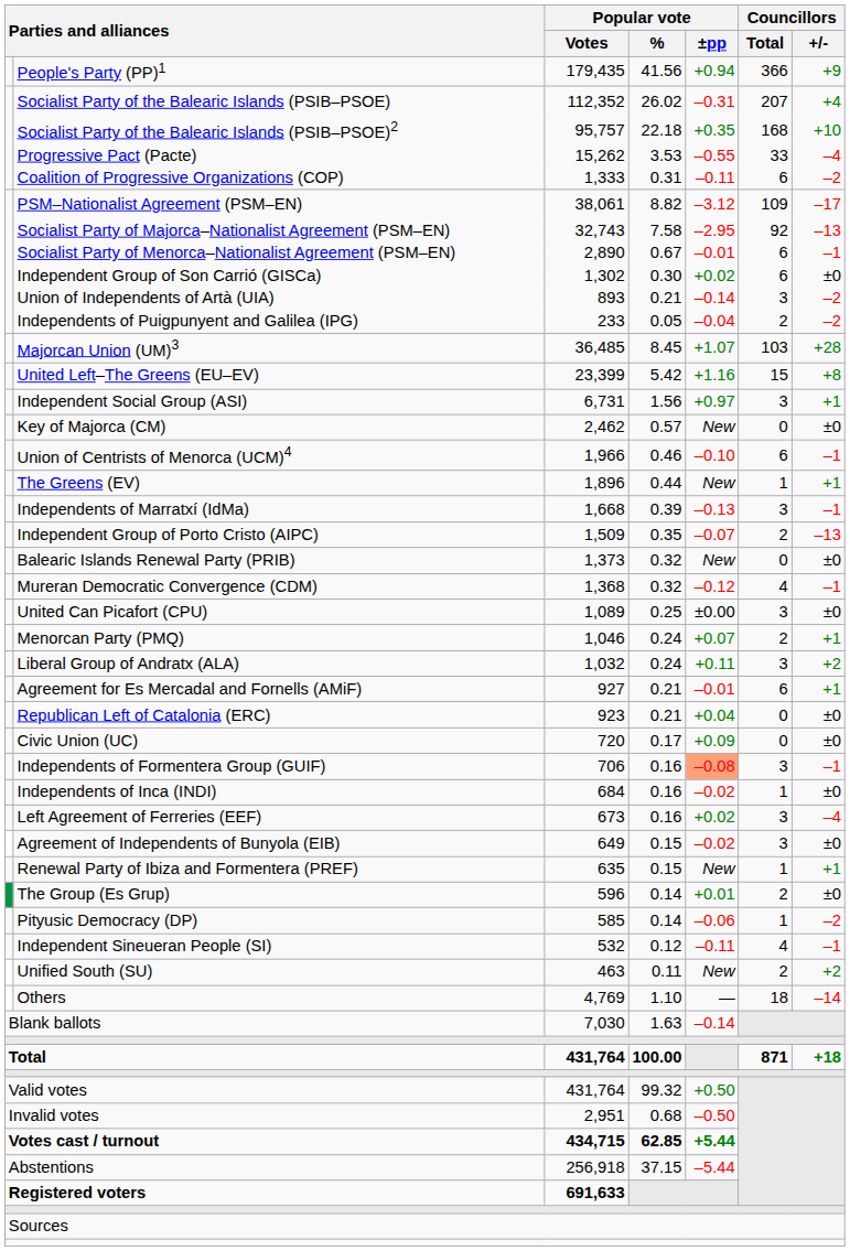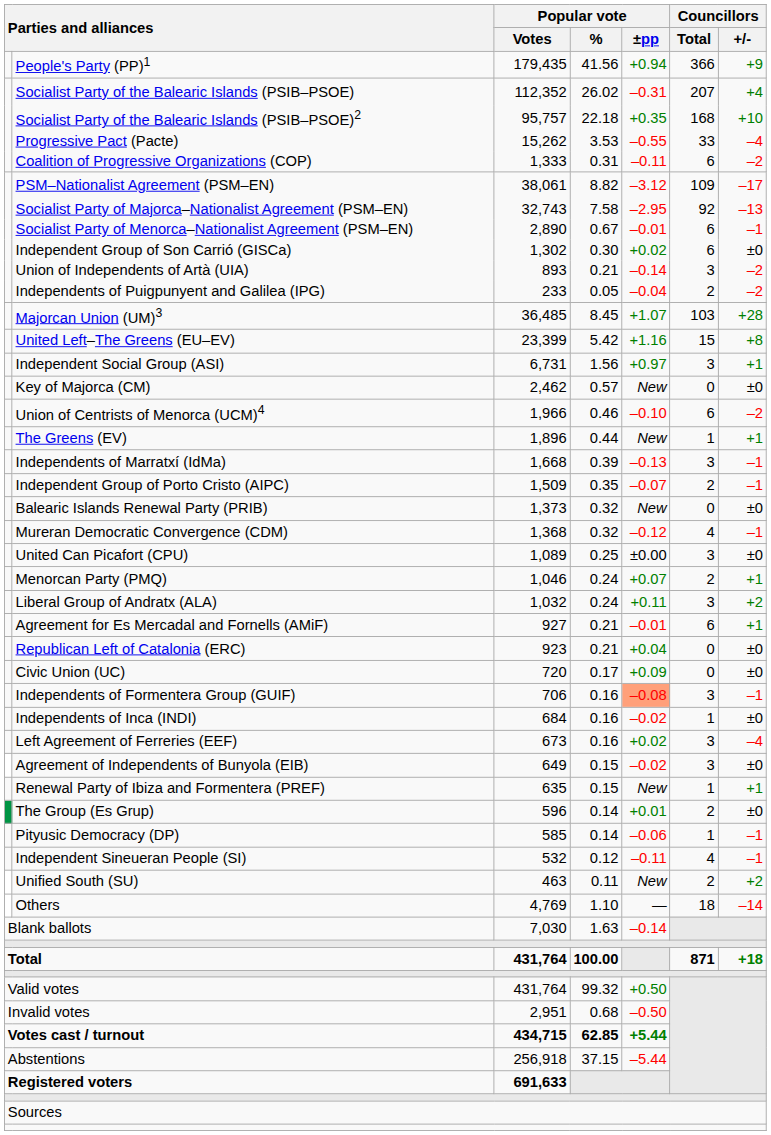 <table class="wikitable" style="text-align:right;">
 <tr>
 <th style="text-align:left;" rowspan="2" colspan="2" width="525">Parties and alliances</th>
 <th colspan="3">Popular vote</th>
 <th colspan="2">Councillors</th>
 </tr>
 <tr>
 <th width="75">Votes</th>
 <th width="45">%</th>
 <th width="45">±<a href='#'>pp</a></th>
 <th width="45">Total</th>
 <th width="45">+/-</th>
 </tr>
 <tr>
 <td width="1" style="color:inherit;background:"></td>
 <td align="left"><a href='#'>People's Party</a> (PP)<sup>1</sup></td>
 <td>179,435</td>
 <td>41.56</td>
 <td style="color:green;">+0.94</td>
 <td>366</td>
 <td style="color:green;">+9</td>
 </tr>
 <tr style="line-height:22px;">
 <td rowspan="4" style="color:inherit;background:"></td>
 <td align="left"><a href='#'>Socialist Party of the Balearic Islands</a> (PSIB–PSOE)</td>
 <td>112,352</td>
 <td>26.02</td>
 <td style="color:red;">–0.31</td>
 <td>207</td>
 <td style="color:green;">+4</td>
 </tr>
 <tr style="border-bottom-style:hidden; border-top-style:hidden; line-height:16px;">
 <td align="left"><span><a href='#'>Socialist Party of the Balearic Islands</a> (PSIB–PSOE)<sup>2</sup></span></td>
 <td>95,757</td>
 <td>22.18</td>
 <td style="color:green;">+0.35</td>
 <td>168</td>
 <td style="color:green;">+10</td>
 </tr>
 <tr style="border-bottom-style:hidden; line-height:16px;">
 <td align="left"><span><a href='#'>Progressive Pact</a> (Pacte)</span></td>
 <td>15,262</td>
 <td>3.53</td>
 <td style="color:red;">–0.55</td>
 <td>33</td>
 <td style="color:red;">–4</td>
 </tr>
 <tr style="line-height:16px;">
 <td align="left"><span><a href='#'>Coalition of Progressive Organizations</a> (COP)</span></td>
 <td>1,333</td>
 <td>0.31</td>
 <td style="color:red;">–0.11</td>
 <td>6</td>
 <td style="color:red;">–2</td>
 </tr>
 <tr style="line-height:22px;">
 <td rowspan="6" style="color:inherit;background:"></td>
 <td align="left"><a href='#'>PSM–Nationalist Agreement</a> (PSM–EN)</td>
 <td>38,061</td>
 <td>8.82</td>
 <td style="color:red;">–3.12</td>
 <td>109</td>
 <td style="color:red;">–17</td>
 </tr>
 <tr style="border-bottom-style:hidden; border-top-style:hidden; line-height:16px;">
 <td align="left"><span><a href='#'>Socialist Party of Majorca</a>–<a href='#'>Nationalist Agreement</a> (PSM–EN)</span></td>
 <td>32,743</td>
 <td>7.58</td>
 <td style="color:red;">–2.95</td>
 <td>92</td>
 <td style="color:red;">–13</td>
 </tr>
 <tr style="border-bottom-style:hidden; line-height:16px;">
 <td align="left"><span><a href='#'>Socialist Party of Menorca</a>–<a href='#'>Nationalist Agreement</a> (PSM–EN)</span></td>
 <td>2,890</td>
 <td>0.67</td>
 <td style="color:red;">–0.01</td>
 <td>6</td>
 <td style="color:red;">–1</td>
 </tr>
 <tr style="border-bottom-style:hidden; line-height:16px;">
 <td align="left"><span>Independent Group of Son Carrió (GISCa)</span></td>
 <td>1,302</td>
 <td>0.30</td>
 <td style="color:green;">+0.02</td>
 <td>6</td>
 <td>±0</td>
 </tr>
 <tr style="border-bottom-style:hidden; line-height:16px;">
 <td align="left"><span>Union of Independents of Artà (UIA)</span></td>
 <td>893</td>
 <td>0.21</td>
 <td style="color:red;">–0.14</td>
 <td>3</td>
 <td style="color:red;">–2</td>
 </tr>
 <tr style="line-height:16px;">
 <td align="left"><span>Independents of Puigpunyent and Galilea (IPG)</span></td>
 <td>233</td>
 <td>0.05</td>
 <td style="color:red;">–0.04</td>
 <td>2</td>
 <td style="color:red;">–2</td>
 </tr>
 <tr>
 <td style="color:inherit;background:"></td>
 <td align="left"><a href='#'>Majorcan Union</a> (UM)<sup>3</sup></td>
 <td>36,485</td>
 <td>8.45</td>
 <td style="color:green;">+1.07</td>
 <td>103</td>
 <td style="color:green;">+28</td>
 </tr>
 <tr>
 <td style="color:inherit;background:"></td>
 <td align="left"><a href='#'>United Left</a>–<a href='#'>The Greens</a> (EU–EV)</td>
 <td>23,399</td>
 <td>5.42</td>
 <td style="color:green;">+1.16</td>
 <td>15</td>
 <td style="color:green;">+8</td>
 </tr>
 <tr>
 <td style="color:inherit;background:"></td>
 <td align="left">Independent Social Group (ASI)</td>
 <td>6,731</td>
 <td>1.56</td>
 <td style="color:green;">+0.97</td>
 <td>3</td>
 <td style="color:green;">+1</td>
 </tr>
 <tr>
 <td style="color:inherit;background:"></td>
 <td align="left">Key of Majorca (CM)</td>
 <td>2,462</td>
 <td>0.57</td>
 <td><em>New</em></td>
 <td>0</td>
 <td>±0</td>
 </tr>
 <tr>
 <td style="color:inherit;background:"></td>
 <td align="left">Union of Centrists of Menorca (UCM)<sup>4</sup></td>
 <td>1,966</td>
 <td>0.46</td>
 <td style="color:red;">–0.10</td>
 <td>6</td>
-<td style="color:red;">–1</td>
+<td style="color:red;">–2</td>
 </tr>
 <tr>
 <td style="color:inherit;background:"></td>
 <td align="left"><a href='#'>The Greens</a> (EV)</td>
 <td>1,896</td>
 <td>0.44</td>
 <td><em>New</em></td>
 <td>1</td>
 <td style="color:green;">+1</td>
 </tr>
 <tr>
 <td style="color:inherit;background:"></td>
 <td align="left">Independents of Marratxí (IdMa)</td>
 <td>1,668</td>
 <td>0.39</td>
 <td style="color:red;">–0.13</td>
 <td>3</td>
 <td style="color:red;">–1</td>
 </tr>
 <tr>
 <td style="color:inherit;background:"></td>
 <td align="left">Independent Group of Porto Cristo (AIPC)</td>
 <td>1,509</td>
 <td>0.35</td>
 <td style="color:red;">–0.07</td>
 <td>2</td>
-<td style="color:red;">–13</td>
+<td style="color:red;">–1</td>
 </tr>
 <tr>
 <td style="color:inherit;background:"></td>
 <td align="left">Balearic Islands Renewal Party (PRIB)</td>
 <td>1,373</td>
 <td>0.32</td>
 <td><em>New</em></td>
 <td>0</td>
 <td>±0</td>
 </tr>
 <tr>
 <td style="color:inherit;background:"></td>
 <td align="left">Mureran Democratic Convergence (CDM)</td>
 <td>1,368</td>
 <td>0.32</td>
 <td style="color:red;">–0.12</td>
 <td>4</td>
 <td style="color:red;">–1</td>
 </tr>
 <tr>
 <td style="color:inherit;background:"></td>
 <td align="left">United Can Picafort (CPU)</td>
 <td>1,089</td>
 <td>0.25</td>
 <td>±0.00</td>
 <td>3</td>
 <td>±0</td>
 </tr>
 <tr>
 <td style="color:inherit;background:"></td>
 <td align="left">Menorcan Party (PMQ)</td>
 <td>1,046</td>
 <td>0.24</td>
 <td style="color:green;">+0.07</td>
 <td>2</td>
 <td style="color:green;">+1</td>
 </tr>
 <tr>
 <td style="color:inherit;background:"></td>
 <td align="left">Liberal Group of Andratx (ALA)</td>
 <td>1,032</td>
 <td>0.24</td>
 <td style="color:green;">+0.11</td>
 <td>3</td>
 <td style="color:green;">+2</td>
 </tr>
 <tr>
 <td style="color:inherit;background:"></td>
 <td align="left">Agreement for Es Mercadal and Fornells (AMiF)</td>
 <td>927</td>
 <td>0.21</td>
 <td style="color:red;">–0.01</td>
 <td>6</td>
 <td style="color:green;">+1</td>
 </tr>
 <tr>
 <td style="color:inherit;background:"></td>
 <td align="left"><a href='#'>Republican Left of Catalonia</a> (ERC)</td>
 <td>923</td>
 <td>0.21</td>
 <td style="color:green;">+0.04</td>
 <td>0</td>
 <td>±0</td>
 </tr>
 <tr>
 <td style="color:inherit;background:"></td>
 <td align="left">Civic Union (UC)</td>
 <td>720</td>
 <td>0.17</td>
 <td style="color:green;">+0.09</td>
 <td>0</td>
 <td>±0</td>
 </tr>
 <tr>
 <td style="color:inherit;background:"></td>
 <td align="left">Independents of Formentera Group (GUIF)</td>
 <td>706</td>
 <td>0.16</td>
 <td style="background: lightsalmon; color:red;">–0.08</td>
 <td>3</td>
 <td style="color:red;">–1</td>
 </tr>
 <tr>
 <td style="color:inherit;background:"></td>
 <td align="left">Independents of Inca (INDI)</td>
 <td>684</td>
 <td>0.16</td>
 <td style="color:red;">–0.02</td>
 <td>1</td>
 <td>±0</td>
 </tr>
 <tr>
 <td style="color:inherit;background:"></td>
 <td align="left">Left Agreement of Ferreries (EEF)</td>
 <td>673</td>
 <td>0.16</td>
 <td style="color:green;">+0.02</td>
 <td>3</td>
 <td style="color:red;">–4</td>
 </tr>
 <tr>
 <td bgcolor="white"></td>
 <td align="left">Agreement of Independents of Bunyola (EIB)</td>
 <td>649</td>
 <td>0.15</td>
 <td style="color:red;">–0.02</td>
 <td>3</td>
 <td>±0</td>
 </tr>
 <tr>
 <td style="color:inherit;background:"></td>
 <td align="left">Renewal Party of Ibiza and Formentera (PREF)</td>
 <td>635</td>
 <td>0.15</td>
 <td><em>New</em></td>
 <td>1</td>
 <td style="color:green;">+1</td>
 </tr>
 <tr>
 <td bgcolor="#009444"></td>
 <td align="left">The Group (Es Grup)</td>
 <td>596</td>
 <td>0.14</td>
 <td style="color:green;">+0.01</td>
 <td>2</td>
 <td>±0</td>
 </tr>
 <tr>
 <td style="color:inherit;background:"></td>
 <td align="left">Pityusic Democracy (DP)</td>
 <td>585</td>
 <td>0.14</td>
 <td style="color:red;">–0.06</td>
 <td>1</td>
-<td style="color:red;">–2</td>
+<td style="color:red;">–1</td>
 </tr>
 <tr>
 <td style="color:inherit;background:"></td>
 <td align="left">Independent Sineueran People (SI)</td>
 <td>532</td>
 <td>0.12</td>
 <td style="color:red;">–0.11</td>
 <td>4</td>
 <td style="color:red;">–1</td>
 </tr>
 <tr>
 <td bgcolor="white"></td>
 <td align="left">Unified South (SU)</td>
 <td>463</td>
 <td>0.11</td>
 <td><em>New</em></td>
 <td>2</td>
 <td style="color:green;">+2</td>
 </tr>
 <tr>
 <td bgcolor="white"></td>
 <td align="left">Others</td>
 <td>4,769</td>
 <td>1.10</td>
 <td>—</td>
 <td>18</td>
 <td style="color:red;">–14</td>
 </tr>
 <tr>
 <td align="left" colspan="2">Blank ballots</td>
 <td>7,030</td>
 <td>1.63</td>
 <td style="color:red;">–0.14</td>
 <td bgcolor="#E9E9E9" colspan="2"></td>
 </tr>
 <tr>
 <td colspan="7" bgcolor="#E9E9E9"></td>
 </tr>
 <tr style="font-weight:bold;">
 <td align="left" colspan="2">Total</td>
 <td>431,764</td>
 <td>100.00</td>
 <td bgcolor="#E9E9E9"></td>
 <td>871</td>
 <td style="color:green;">+18</td>
 </tr>
 <tr>
 <td colspan="7" bgcolor="#E9E9E9"></td>
 </tr>
 <tr>
 <td align="left" colspan="2">Valid votes</td>
 <td>431,764</td>
 <td>99.32</td>
 <td style="color:green;">+0.50</td>
 <td bgcolor="#E9E9E9" colspan="2" rowspan="5"></td>
 </tr>
 <tr>
 <td align="left" colspan="2">Invalid votes</td>
 <td>2,951</td>
 <td>0.68</td>
 <td style="color:red;">–0.50</td>
 </tr>
 <tr style="font-weight:bold;">
 <td align="left" colspan="2">Votes cast / turnout</td>
 <td>434,715</td>
 <td>62.85</td>
 <td style="color:green;">+5.44</td>
 </tr>
 <tr>
 <td align="left" colspan="2">Abstentions</td>
 <td>256,918</td>
 <td>37.15</td>
 <td style="color:red;">–5.44</td>
 </tr>
 <tr style="font-weight:bold;">
 <td align="left" colspan="2">Registered voters</td>
 <td>691,633</td>
 <td bgcolor="#E9E9E9" colspan="2"></td>
 </tr>
 <tr>
 <td colspan="7" bgcolor="#E9E9E9"></td>
 </tr>
 <tr>
 <td align="left" colspan="7">Sources</td>
 </tr>
 <tr>
 <td colspan="7" style="text-align:left; max-width:790px;"></td>
 </tr>
 </table>
